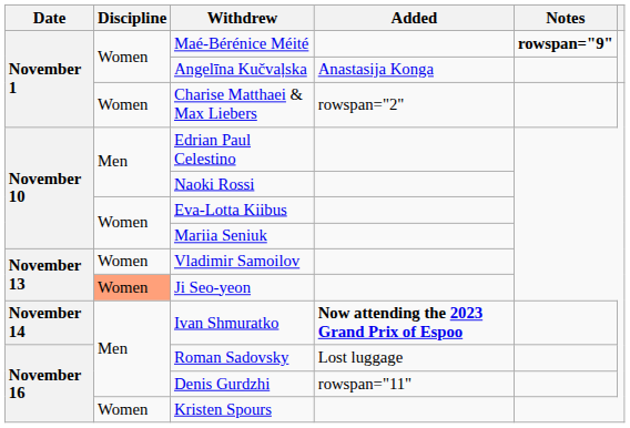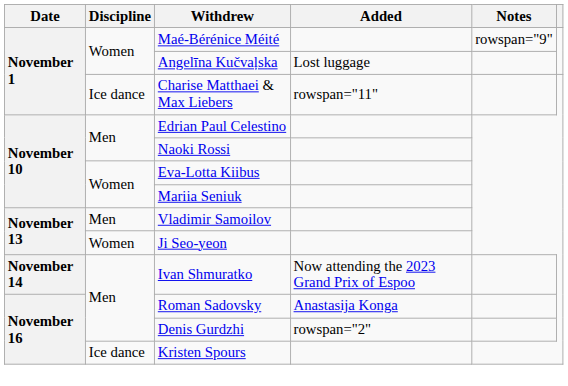 <table class="wikitable unsortable">
 <tr>
 <th scope="col">Date</th>
 <th scope="col">Discipline</th>
 <th scope="col">Withdrew</th>
 <th scope="col">Added</th>
 <th scope="col">Notes</th>
 <th scope="col"></th>
 </tr>
 <tr>
 <th scope="row" style="text-align:left" rowspan=3>November 1</th>
 <td rowspan=2>Women</td>
 <td> <a href='#'>Maé-Bérénice Méité</a></td>
 <td></td>
-<td><strong>rowspan="9" </strong></td>
+<td>rowspan="9" </td>
 <td rowspan=2></td>
 </tr>
 <tr>
 <td> <a href='#'>Angelīna Kučvaļska</a></td>
-<td> <a href='#'>Anastasija Konga</a></td>
+<td>Lost luggage</td>
 </tr>
 <tr>
-<td>Women</td>
+<td>Ice dance</td>
 <td> <a href='#'>Charise Matthaei</a> & <a href='#'>Max Liebers</a></td>
-<td>rowspan="2" </td>
+<td>rowspan="11" </td>
 <td></td>
 </tr>
 <tr>
 <th scope="row" style="text-align:left" rowspan="4">November 10</th>
 <td rowspan="2">Men</td>
 <td> <a href='#'>Edrian Paul Celestino</a></td>
 <td></td>
 </tr>
 <tr>
 <td> <a href='#'>Naoki Rossi</a></td>
 <td></td>
 </tr>
 <tr>
 <td rowspan="2">Women</td>
 <td> <a href='#'>Eva-Lotta Kiibus</a></td>
 <td></td>
 </tr>
 <tr>
 <td> <a href='#'>Mariia Seniuk</a></td>
 <td></td>
 </tr>
 <tr>
 <th scope="row" style="text-align:left" rowspan="2">November 13</th>
-<td>Women</td>
+<td>Men</td>
 <td> <a href='#'>Vladimir Samoilov</a></td>
 <td></td>
 </tr>
 <tr>
-<td style="background: lightsalmon;">Women</td>
+<td>Women</td>
 <td> <a href='#'>Ji Seo-yeon</a></td>
 <td></td>
 </tr>
 <tr>
 <th scope="row" style="text-align:left">November 14</th>
 <td rowspan="3">Men</td>
 <td> <a href='#'>Ivan Shmuratko</a></td>
-<td><strong>Now attending the <a href='#'>2023 Grand Prix of Espoo</a></strong></td>
+<td>Now attending the <a href='#'>2023 Grand Prix of Espoo</a></td>
 <td></td>
 </tr>
 <tr>
 <th rowspan="3" scope="row" style="text-align:left">November 16</th>
 <td> <a href='#'>Roman Sadovsky</a></td>
-<td>Lost luggage</td>
+<td> <a href='#'>Anastasija Konga</a></td>
 <td></td>
 </tr>
 <tr>
 <td> <a href='#'>Denis Gurdzhi</a></td>
-<td>rowspan="11" </td>
+<td>rowspan="2" </td>
 <td></td>
 </tr>
 <tr>
-<td>Women</td>
+<td>Ice dance</td>
 <td> <a href='#'>Kristen Spours</a></td>
 <td></td>
 </tr>
 </table>
